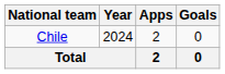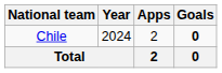 <table class=wikitable style=text-align:center>
 <tr>
 <th>National team</th>
 <th>Year</th>
 <th>Apps</th>
 <th>Goals</th>
 </tr>
 <tr>
 <td rowspan="1"><a href='#'>Chile</a></td>
 <td>2024</td>
 <td>2</td>
-<td>0</td>
+<td><strong>0</strong></td>
 </tr>
 <tr>
 <th colspan="2">Total</th>
 <th>2</th>
 <th>0</th>
 </tr>
 </table>
